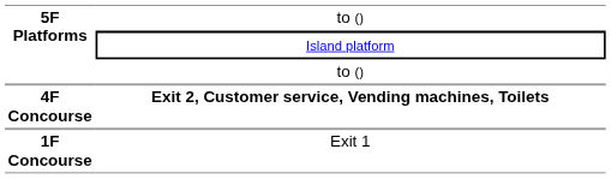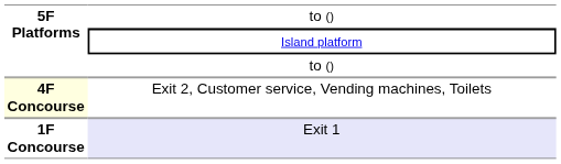 <table table border=0 cellspacing=0 cellpadding=3>
 <tr>
 <td style="border-bottom:solid 1px gray; border-top:solid 1px gray;text-align:center" rowspan="3" valign=top><strong>5F<br>Platforms</strong></td>
 <td style="border-bottom:solid 1px gray; border-top:solid 1px gray;text-align:center;">  to  <small>()</small></td>
 </tr>
 <tr>
 <td style="border-right:solid 2px black;border-left:solid 2px black;border-top:solid 2px black;border-bottom:solid 2px black;text-align:center;" colspan=2><small><a href='#'>Island platform</a></small></td>
 </tr>
 <tr>
 <td style="border-bottom:solid 1px gray;text-align:center;"> to  <small>()</small> </td>
 </tr>
 <tr>
-<td style="border-bottom:solid 1px gray; border-top:solid 1px gray;text-align:center" valign=top><strong>4F<br>Concourse</strong></td>
-<td style="border-bottom:solid 1px gray; border-top:solid 1px gray;text-align:center;" valign=top width=500><strong>Exit 2, Customer service, Vending machines, Toilets</strong></td>
+<td style="background: lightyellow; border-bottom:solid 1px gray; border-top:solid 1px gray;text-align:center" valign=top><strong>4F<br>Concourse</strong></td>
+<td style="border-bottom:solid 1px gray; border-top:solid 1px gray;text-align:center;" valign=top width=500>Exit 2, Customer service, Vending machines, Toilets</td>
 </tr>
 <tr>
 <td style="border-bottom:solid 1px gray; border-top:solid 1px gray;text-align:center" valign=top><strong>1F<br>Concourse</strong></td>
-<td style="border-bottom:solid 1px gray; border-top:solid 1px gray;text-align:center;" valign=top width=500>Exit 1</td>
+<td style="background: lavender; border-bottom:solid 1px gray; border-top:solid 1px gray;text-align:center;" valign=top width=500>Exit 1</td>
 </tr>
 </table>
